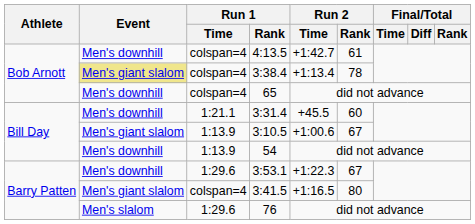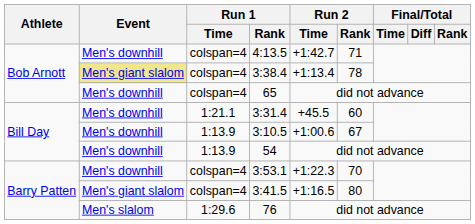 <table class="wikitable" style="font-size:90%">
 <tr>
 <th rowspan="2">Athlete</th>
 <th rowspan="2">Event</th>
 <th colspan="2">Run 1</th>
 <th colspan="2">Run 2</th>
 <th colspan="3">Final/Total</th>
 </tr>
 <tr>
 <th>Time</th>
 <th>Rank</th>
 <th>Time</th>
 <th>Rank</th>
 <th>Time</th>
 <th>Diff</th>
 <th>Rank</th>
 </tr>
 <tr align="center">
 <td align="left" rowspan=3><a href='#'>Bob Arnott</a></td>
 <td align="left"><a href='#'>Men's downhill</a></td>
 <td>colspan=4 </td>
 <td>4:13.5</td>
 <td>+1:42.7</td>
-<td>61</td>
+<td>71</td>
 </tr>
 <tr align="center">
 <td align="left" style="background: khaki;"><a href='#'>Men's giant slalom</a></td>
 <td>colspan=4 </td>
 <td>3:38.4</td>
 <td>+1:13.4</td>
 <td>78</td>
 </tr>
 <tr align="center">
 <td align="left"><a href='#'>Men's downhill</a></td>
 <td>colspan=4 </td>
 <td>65</td>
 <td colspan=5>did not advance</td>
 </tr>
 <tr align="center">
 <td align="left" rowspan=3><a href='#'>Bill Day</a></td>
 <td align="left"><a href='#'>Men's downhill</a></td>
 <td>1:21.1</td>
 <td>3:31.4</td>
 <td>+45.5</td>
 <td>60</td>
 </tr>
 <tr align="center">
-<td align="left"><a href='#'>Men's giant slalom</a></td>
+<td align="left"><a href='#'>Men's downhill</a></td>
 <td>1:13.9</td>
 <td>3:10.5</td>
 <td>+1:00.6</td>
 <td>67</td>
 </tr>
 <tr align="center">
 <td align="left"><a href='#'>Men's downhill</a></td>
 <td>1:13.9</td>
 <td>54</td>
 <td colspan=5>did not advance</td>
 </tr>
 <tr align="center">
 <td align="left" rowspan=3><a href='#'>Barry Patten</a></td>
 <td align="left"><a href='#'>Men's downhill</a></td>
-<td>1:29.6</td>
+<td>colspan=4 </td>
 <td>3:53.1</td>
 <td>+1:22.3</td>
-<td>67</td>
+<td>70</td>
 </tr>
 <tr align="center">
 <td align="left"><a href='#'>Men's giant slalom</a></td>
 <td>colspan=4 </td>
 <td>3:41.5</td>
 <td>+1:16.5</td>
 <td>80</td>
 </tr>
 <tr align="center">
 <td align="left"><a href='#'>Men's slalom</a></td>
 <td>1:29.6</td>
 <td>76</td>
 <td colspan=5>did not advance</td>
 </tr>
 </table>
